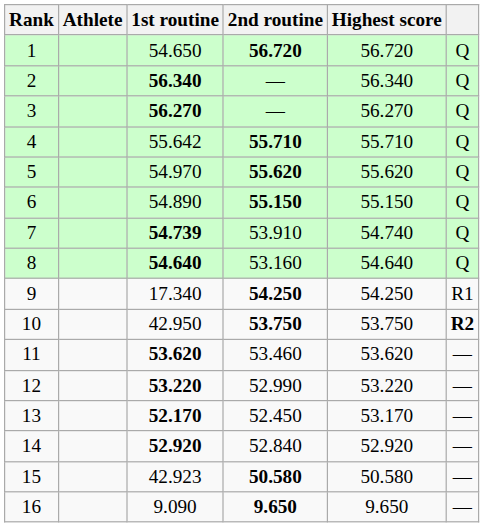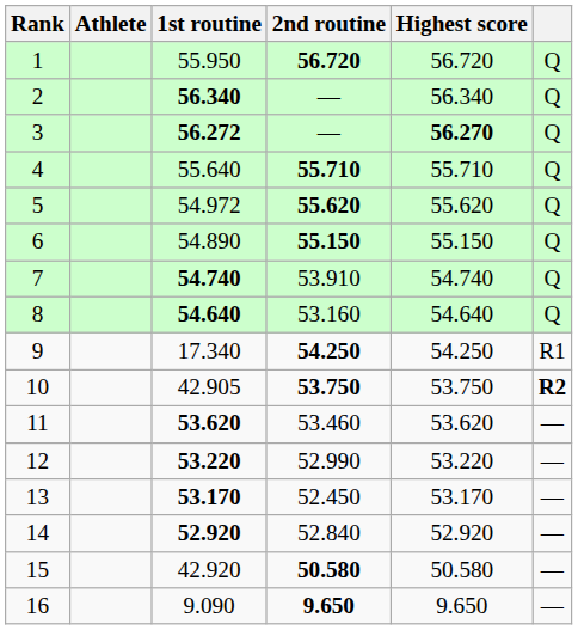 <table class="wikitable sortable" style="text-align:center;">
 <tr>
 <th>Rank</th>
 <th>Athlete</th>
 <th>1st routine</th>
 <th>2nd routine</th>
 <th>Highest score</th>
 <th></th>
 </tr>
 <tr bgcolor=ccffcc>
 <td>1</td>
 <td align=left></td>
-<td>54.650</td>
+<td>55.950</td>
 <td><strong>56.720</strong></td>
 <td>56.720</td>
 <td>Q</td>
 </tr>
 <tr bgcolor=ccffcc>
 <td>2</td>
 <td align=left></td>
 <td><strong>56.340</strong></td>
 <td>—</td>
 <td>56.340</td>
 <td>Q</td>
 </tr>
 <tr bgcolor=ccffcc>
 <td>3</td>
 <td align=left></td>
+<td><strong>56.272</strong></td>
+<td>—</td>
 <td><strong>56.270</strong></td>
-<td>—</td>
-<td>56.270</td>
 <td>Q</td>
 </tr>
 <tr bgcolor=ccffcc>
 <td>4</td>
 <td align=left></td>
-<td>55.642</td>
+<td>55.640</td>
 <td><strong>55.710</strong></td>
 <td>55.710</td>
 <td>Q</td>
 </tr>
 <tr bgcolor=ccffcc>
 <td>5</td>
 <td align=left></td>
-<td>54.970</td>
+<td>54.972</td>
 <td><strong>55.620</strong></td>
 <td>55.620</td>
 <td>Q</td>
 </tr>
 <tr bgcolor=ccffcc>
 <td>6</td>
 <td align=left></td>
 <td>54.890</td>
 <td><strong>55.150</strong></td>
 <td>55.150</td>
 <td>Q</td>
 </tr>
 <tr bgcolor=ccffcc>
 <td>7</td>
 <td align=left></td>
-<td><strong>54.739</strong></td>
+<td><strong>54.740</strong></td>
 <td>53.910</td>
 <td>54.740</td>
 <td>Q</td>
 </tr>
 <tr bgcolor=ccffcc>
 <td>8</td>
 <td align=left></td>
 <td><strong>54.640</strong></td>
 <td>53.160</td>
 <td>54.640</td>
 <td>Q</td>
 </tr>
 <tr>
 <td>9</td>
 <td align=left></td>
 <td>17.340</td>
 <td><strong>54.250</strong></td>
 <td>54.250</td>
 <td>R1</td>
 </tr>
 <tr>
 <td>10</td>
 <td align=left></td>
-<td>42.950</td>
+<td>42.905</td>
 <td><strong>53.750</strong></td>
 <td>53.750</td>
 <td><strong>R2</strong></td>
 </tr>
 <tr>
 <td>11</td>
 <td align=left></td>
 <td><strong>53.620</strong></td>
 <td>53.460</td>
 <td>53.620</td>
 <td>—</td>
 </tr>
 <tr>
 <td>12</td>
 <td align=left></td>
 <td><strong>53.220</strong></td>
 <td>52.990</td>
 <td>53.220</td>
 <td>—</td>
 </tr>
 <tr>
 <td>13</td>
 <td align=left></td>
-<td><strong>52.170</strong></td>
+<td><strong>53.170</strong></td>
 <td>52.450</td>
 <td>53.170</td>
 <td>—</td>
 </tr>
 <tr>
 <td>14</td>
 <td align=left></td>
 <td><strong>52.920</strong></td>
 <td>52.840</td>
 <td>52.920</td>
 <td>—</td>
 </tr>
 <tr>
 <td>15</td>
 <td align=left></td>
-<td>42.923</td>
+<td>42.920</td>
 <td><strong>50.580</strong></td>
 <td>50.580</td>
 <td>—</td>
 </tr>
 <tr>
 <td>16</td>
 <td align=left></td>
 <td>9.090</td>
 <td><strong>9.650</strong></td>
 <td>9.650</td>
 <td>—</td>
 </tr>
 </table>
